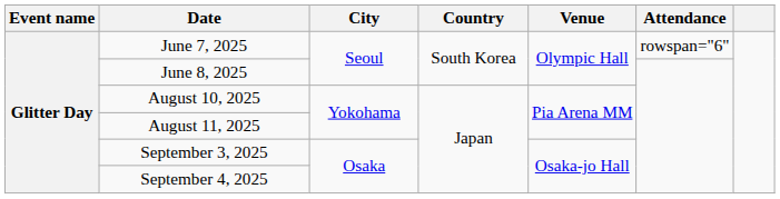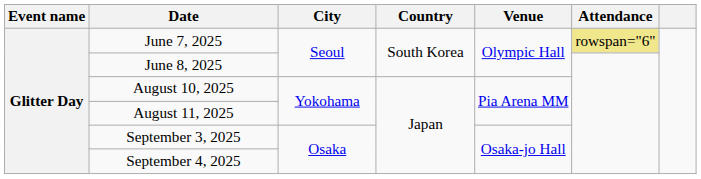 <table class="wikitable plainrowheaders" style="text-align:center;">
 <tr>
 <th scope="col">Event name</th>
 <th scope="col" style="width:12em;">Date</th>
 <th scope="col" style="width:6em;">City</th>
 <th scope="col" style="width:6em;">Country</th>
 <th scope="col">Venue</th>
 <th scope="col">Attendance</th>
 <th scope="col" style="width:2em;"></th>
 </tr>
 <tr>
 <th rowspan="6" scope="rowgroup">Glitter Day</th>
 <td>June 7, 2025</td>
 <td rowspan="2"><a href='#'>Seoul</a></td>
 <td rowspan="2">South Korea</td>
 <td rowspan="2"><a href='#'>Olympic Hall</a></td>
-<td>rowspan="6" </td>
+<td style="background: khaki;">rowspan="6" </td>
 <td rowspan="6"></td>
 </tr>
 <tr>
 <td>June 8, 2025</td>
 </tr>
 <tr>
 <td>August 10, 2025</td>
 <td rowspan="2"><a href='#'>Yokohama</a></td>
 <td rowspan="4">Japan</td>
 <td rowspan="2"><a href='#'>Pia Arena MM</a></td>
 </tr>
 <tr>
 <td>August 11, 2025</td>
 </tr>
 <tr>
 <td>September 3, 2025</td>
 <td rowspan="2"><a href='#'>Osaka</a></td>
 <td rowspan="2"><a href='#'>Osaka-jo Hall</a></td>
 </tr>
 <tr>
 <td>September 4, 2025</td>
 </tr>
 </table>
